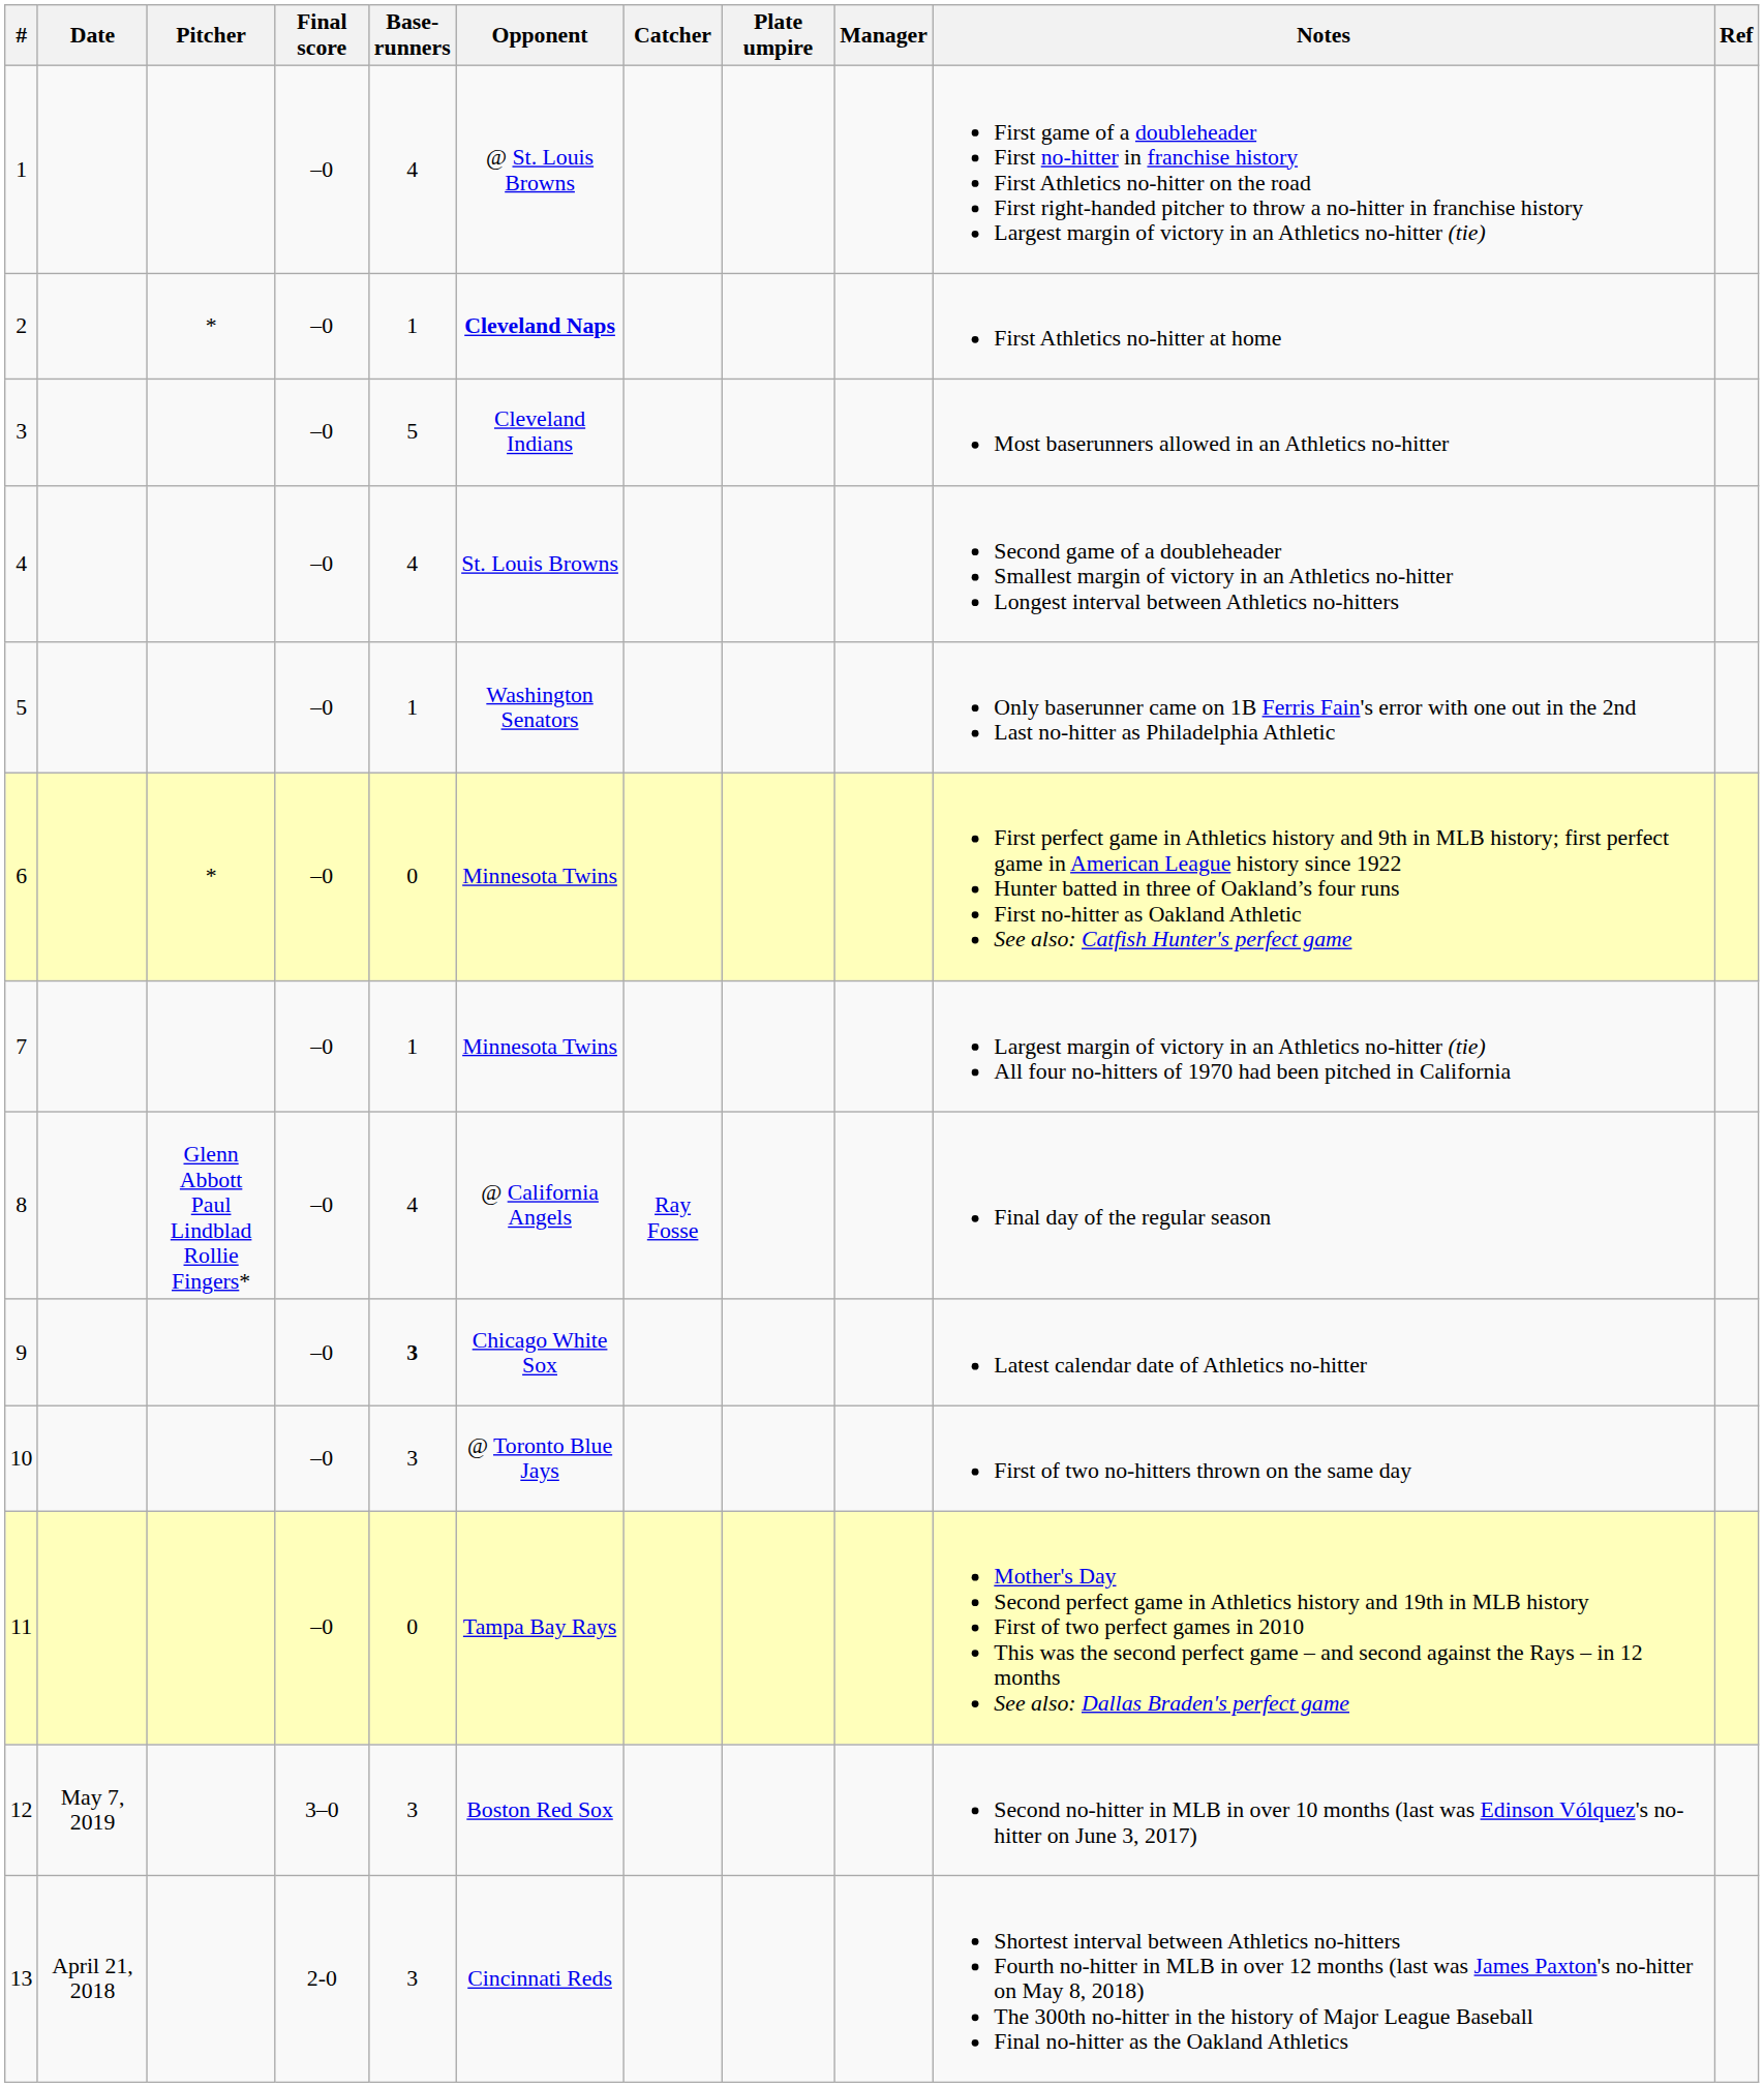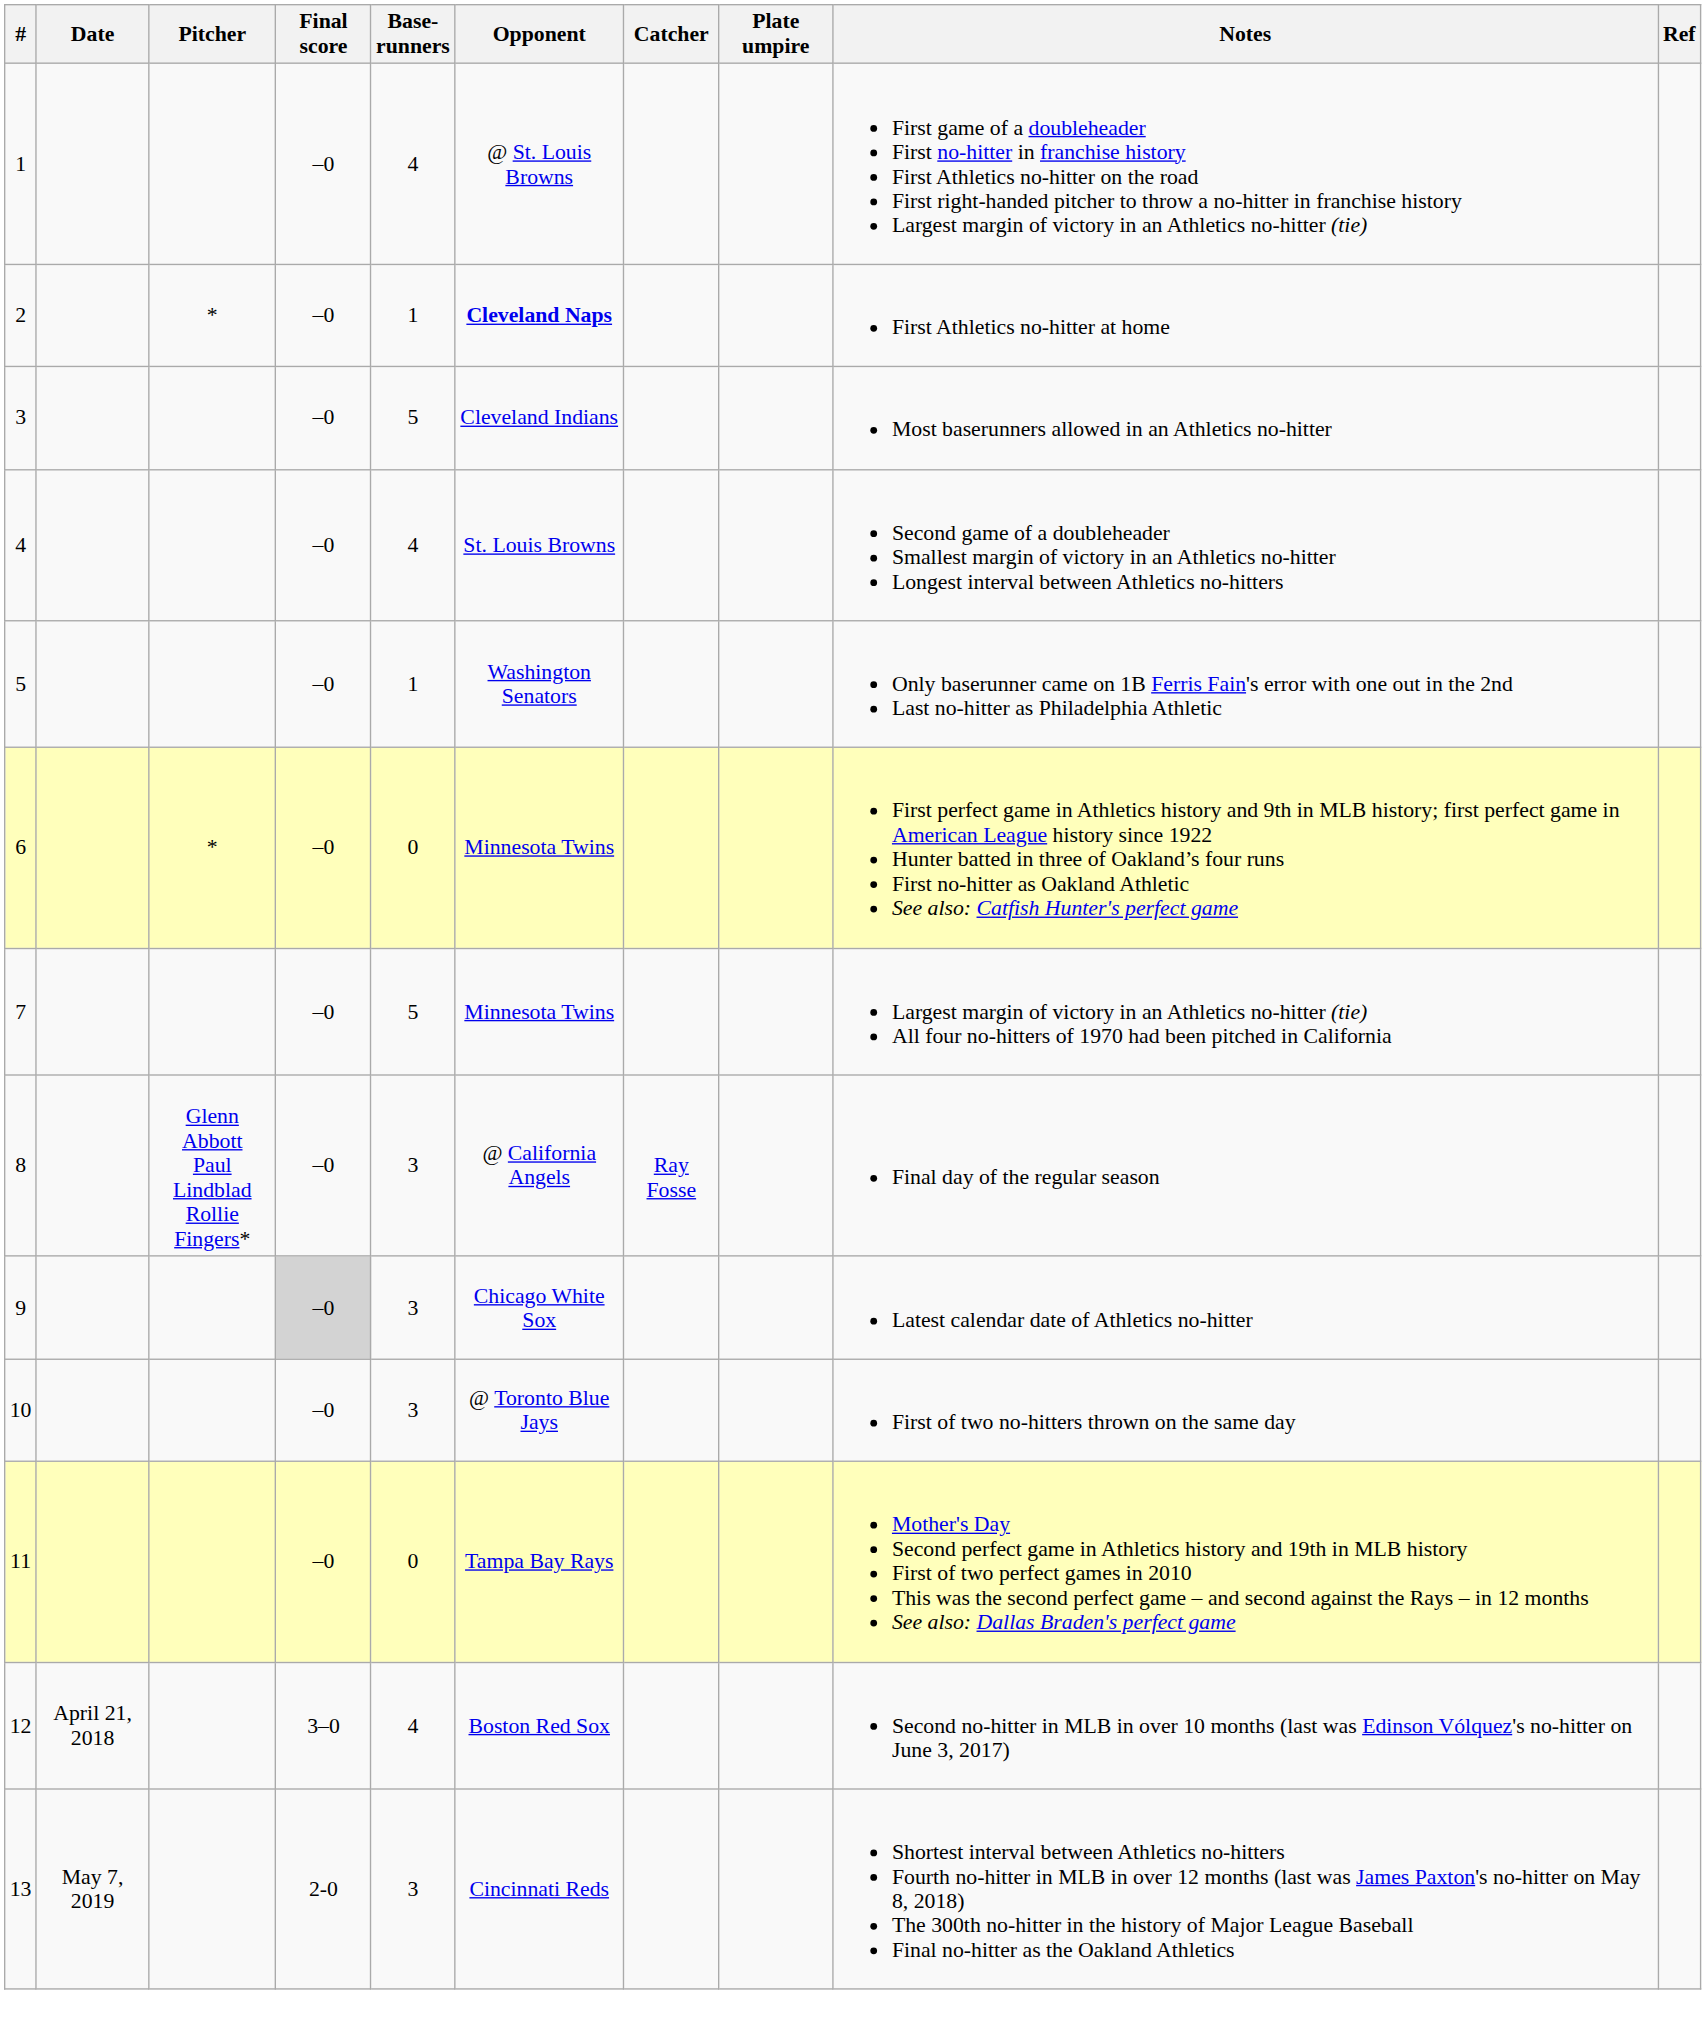 <table class="wikitable" style="text-align:center" border="1">
 <tr>
 <th>#</th>
 <th>Date</th>
 <th>Pitcher</th>
 <th>Final score</th>
 <th>Base-<br>runners</th>
 <th>Opponent</th>
 <th>Catcher</th>
 <th>Plate umpire</th>
-<th>Manager</th>
 <th class="unsortable">Notes</th>
 <th class="unsortable">Ref</th>
 </tr>
 <tr>
 <td>1</td>
 <td></td>
 <td></td>
 <td>–0</td>
 <td>4</td>
 <td>@ <a href='#'>St. Louis Browns</a></td>
 <td></td>
 <td></td>
-<td> </td>
 <td align="left"><br><ul><li>First game of a <a href='#'>doubleheader</a></li><li>First <a href='#'>no-hitter</a> in <a href='#'>franchise history</a></li><li>First Athletics no-hitter on the road</li><li>First right-handed pitcher to throw a no-hitter in franchise history</li><li>Largest margin of victory in an Athletics no-hitter <em>(tie)</em></li></ul></td>
 <td></td>
 </tr>
 <tr>
 <td>2</td>
 <td></td>
 <td>*</td>
 <td>–0</td>
 <td>1</td>
 <td><strong><a href='#'>Cleveland Naps</a></strong></td>
 <td></td>
 <td></td>
-<td> </td>
 <td align="left"><br><ul><li>First Athletics no-hitter at home</li></ul></td>
 <td></td>
 </tr>
 <tr>
 <td>3</td>
 <td></td>
 <td></td>
 <td>–0</td>
 <td>5</td>
 <td><a href='#'>Cleveland Indians</a></td>
 <td></td>
 <td></td>
-<td> </td>
 <td align="left"><br><ul><li>Most baserunners allowed in an Athletics no-hitter</li></ul></td>
 <td></td>
 </tr>
 <tr>
 <td>4</td>
 <td></td>
 <td></td>
 <td>–0</td>
 <td>4</td>
 <td><a href='#'>St. Louis Browns</a></td>
 <td> </td>
 <td></td>
-<td> </td>
 <td align="left"><br><ul><li>Second game of a doubleheader</li><li>Smallest margin of victory in an Athletics no-hitter</li><li>Longest interval between Athletics no-hitters</li></ul></td>
 <td></td>
 </tr>
 <tr>
 <td>5</td>
 <td></td>
 <td></td>
 <td>–0</td>
 <td>1</td>
 <td><a href='#'>Washington Senators</a></td>
 <td> </td>
 <td></td>
-<td> </td>
 <td align="left"><br><ul><li>Only baserunner came on 1B <a href='#'>Ferris Fain</a>'s error with one out in the 2nd</li><li>Last no-hitter as Philadelphia Athletic</li></ul></td>
 <td></td>
 </tr>
 <tr bgcolor="#ffffbb">
 <td>6</td>
 <td></td>
 <td>*</td>
 <td>–0</td>
 <td>0</td>
 <td><a href='#'>Minnesota Twins</a></td>
 <td></td>
 <td></td>
-<td></td>
 <td align="left"><br><ul><li>First perfect game in Athletics history and 9th in MLB history; first perfect game in <a href='#'>American League</a> history since 1922</li><li>Hunter batted in three of Oakland’s four runs</li><li>First no-hitter as Oakland Athletic</li><li><em>See also: <a href='#'>Catfish Hunter's perfect game</a></em></li></ul></td>
 <td></td>
 </tr>
 <tr>
 <td>7</td>
 <td></td>
 <td> </td>
 <td>–0</td>
-<td>1</td>
+<td>5</td>
 <td><a href='#'>Minnesota Twins</a></td>
 <td> </td>
-<td></td>
 <td></td>
 <td align="left"><br><ul><li>Largest margin of victory in an Athletics no-hitter <em>(tie)</em></li><li>All four no-hitters of 1970 had been pitched in California</li></ul></td>
 <td></td>
 </tr>
 <tr>
 <td>8</td>
 <td></td>
 <td>  <br><a href='#'>Glenn Abbott</a> <br><a href='#'>Paul Lindblad</a> <br><a href='#'>Rollie Fingers</a>* </td>
 <td>–0</td>
-<td>4</td>
+<td>3</td>
 <td>@ <a href='#'>California Angels</a></td>
 <td>  <br><a href='#'>Ray Fosse</a> </td>
-<td></td>
 <td></td>
 <td align="left"><br><ul><li>Final day of the regular season</li></ul></td>
 <td></td>
 </tr>
 <tr>
 <td>9</td>
 <td></td>
 <td></td>
-<td>–0</td>
-<td><strong>3</strong></td>
+<td style="background: lightgrey;">–0</td>
+<td>3</td>
 <td><a href='#'>Chicago White Sox</a></td>
-<td></td>
 <td></td>
 <td></td>
 <td align="left"><br><ul><li>Latest calendar date of Athletics no-hitter</li></ul></td>
 <td></td>
 </tr>
 <tr>
 <td>10</td>
 <td></td>
 <td></td>
 <td>–0</td>
 <td>3</td>
 <td>@ <a href='#'>Toronto Blue Jays</a></td>
 <td></td>
 <td></td>
-<td></td>
 <td align="left"><br><ul><li>First of two no-hitters thrown on the same day</li></ul></td>
 <td></td>
 </tr>
 <tr bgcolor="#ffffbb">
 <td>11</td>
 <td></td>
 <td></td>
 <td>–0</td>
 <td>0</td>
 <td><a href='#'>Tampa Bay Rays</a></td>
 <td></td>
 <td></td>
-<td></td>
 <td align="left"><br><ul><li><a href='#'>Mother's Day</a></li><li>Second perfect game in Athletics history and 19th in MLB history</li><li>First of two perfect games in 2010</li><li>This was the second perfect game – and second against the Rays – in 12 months</li><li><em>See also: <a href='#'>Dallas Braden's perfect game</a></em></li></ul></td>
 <td></td>
 </tr>
 <tr>
 <td>12</td>
-<td>May 7, 2019</td>
+<td>April 21, 2018</td>
 <td></td>
 <td>3–0</td>
-<td>3</td>
+<td>4</td>
 <td><a href='#'>Boston Red Sox</a></td>
-<td></td>
 <td></td>
 <td></td>
 <td align="left"><br><ul><li>Second no-hitter in MLB in over 10 months (last was <a href='#'>Edinson Vólquez</a>'s no-hitter on June 3, 2017)</li></ul></td>
 <td></td>
 </tr>
 <tr>
 <td>13</td>
-<td>April 21, 2018</td>
+<td>May 7, 2019</td>
 <td></td>
 <td>2-0</td>
 <td>3</td>
 <td><a href='#'>Cincinnati Reds</a></td>
 <td></td>
 <td></td>
-<td></td>
 <td align="left"><br><ul><li>Shortest interval between Athletics no-hitters</li><li>Fourth no-hitter in MLB in over 12 months (last was <a href='#'>James Paxton</a>'s no-hitter on May 8, 2018)</li><li>The 300th no-hitter in the history of Major League Baseball</li><li>Final no-hitter as the Oakland Athletics</li></ul></td>
 <td></td>
 </tr>
 </table>
